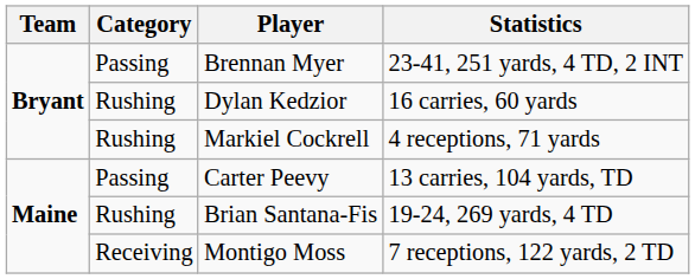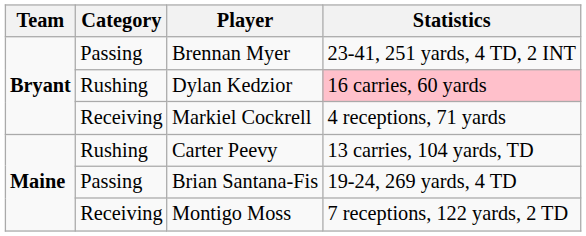 <table class="wikitable" style="float: right;">
 <tr>
 <th>Team</th>
 <th>Category</th>
 <th>Player</th>
 <th>Statistics</th>
 </tr>
 <tr>
 <td rowspan=3><strong>Bryant</strong></td>
 <td>Passing</td>
 <td>Brennan Myer</td>
 <td>23-41, 251 yards, 4 TD, 2 INT</td>
 </tr>
 <tr>
 <td>Rushing</td>
 <td>Dylan Kedzior</td>
-<td>16 carries, 60 yards</td>
+<td style="background: pink;">16 carries, 60 yards</td>
 </tr>
 <tr>
-<td>Rushing</td>
+<td>Receiving</td>
 <td>Markiel Cockrell</td>
 <td>4 receptions, 71 yards</td>
 </tr>
 <tr>
 <td rowspan=3><strong>Maine</strong></td>
-<td>Passing</td>
+<td>Rushing</td>
 <td>Carter Peevy</td>
 <td>13 carries, 104 yards, TD</td>
 </tr>
 <tr>
-<td>Rushing</td>
+<td>Passing</td>
 <td>Brian Santana-Fis</td>
 <td>19-24, 269 yards, 4 TD</td>
 </tr>
 <tr>
 <td>Receiving</td>
 <td>Montigo Moss</td>
 <td>7 receptions, 122 yards, 2 TD</td>
 </tr>
 </table>
